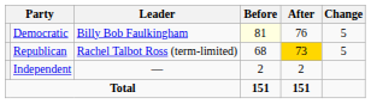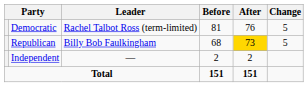 <table class="wikitable" style="text-align:center;">
 <tr>
 <th colspan="2">Party</th>
 <th>Leader</th>
 <th style="width:3em">Before</th>
 <th style="width:3em">After</th>
 <th style="width:3em">Change</th>
 </tr>
 <tr>
 <th style="background-color:"></th>
 <td style="text-align:left;"><a href='#'>Democratic</a></td>
-<td style="text-align:left;"><a href='#'>Billy Bob Faulkingham</a></td>
-<td style="background: lightyellow;">81</td>
+<td style="text-align:left;"><a href='#'>Rachel Talbot Ross</a> (term-limited)</td>
+<td>81</td>
 <td>76</td>
 <td> 5</td>
 </tr>
 <tr>
 <th style="background-color:"></th>
 <td style="text-align:left;"><a href='#'>Republican</a></td>
-<td style="text-align:left;"><a href='#'>Rachel Talbot Ross</a> (term-limited)</td>
+<td style="text-align:left;"><a href='#'>Billy Bob Faulkingham</a></td>
 <td>68</td>
 <td style="background: gold;">73</td>
 <td> 5</td>
 </tr>
 <tr>
 <th style="background-color:"></th>
 <td style="text-align:left;"><a href='#'>Independent</a></td>
 <td>—</td>
 <td>2</td>
 <td>2</td>
 <td></td>
 </tr>
 <tr>
 <td colspan="3"><strong>Total</strong></td>
 <td><strong>151</strong></td>
 <td><strong>151</strong></td>
 <td></td>
 </tr>
 </table>
